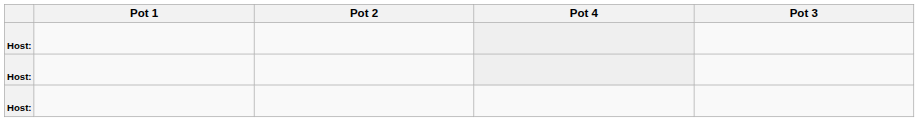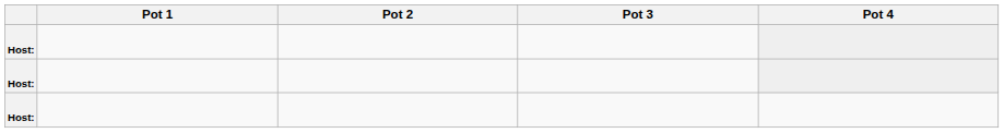 <table class="wikitable" style="width:100%;">
 <tr>
 <th></th>
 <th width=25%>Pot 1</th>
 <th width=25%>Pot 2</th>
+<th width=25%>Pot 3</th>
 <th width=25%>Pot 4</th>
-<th width=25%>Pot 3</th>
 </tr>
 <tr>
 <th style="text-align: left;"><br><small>Host: </small></th>
 <td valign=top></td>
 <td valign=top></td>
+<td valign=top></td>
 <td bgcolor="efefef"></td>
-<td valign=top></td>
 </tr>
 <tr>
 <th style="text-align: left;"><br><small>Host: </small></th>
 <td valign=top></td>
 <td valign=top></td>
+<td valign=top></td>
 <td bgcolor="efefef"></td>
-<td valign=top></td>
 </tr>
 <tr>
 <th style="text-align: left;"><br><small>Host: </small></th>
 <td valign=top></td>
 <td valign=top></td>
 <td valign=top></td>
 <td valign=top></td>
 </tr>
 </table>
